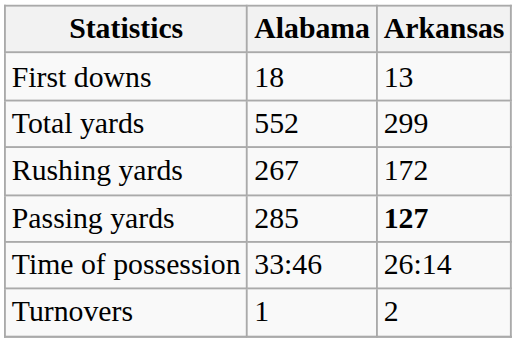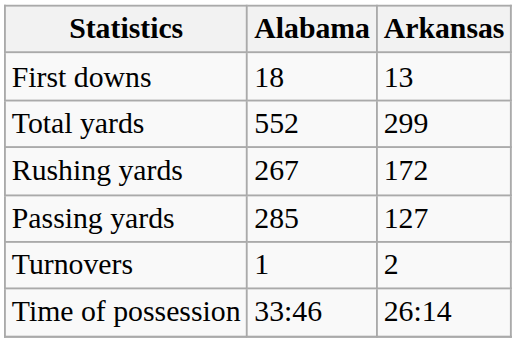 <table class="wikitable" style="float: left;">
 <tr>
 <th>Statistics</th>
 <th>Alabama</th>
 <th>Arkansas</th>
 </tr>
 <tr>
 <td>First downs</td>
 <td>18</td>
 <td>13</td>
 </tr>
 <tr>
 <td>Total yards</td>
 <td>552</td>
 <td>299</td>
 </tr>
 <tr>
 <td>Rushing yards</td>
 <td>267</td>
 <td>172</td>
 </tr>
 <tr>
 <td>Passing yards</td>
 <td>285</td>
-<td><strong>127</strong></td>
+<td>127</td>
+</tr>
+<tr>
+<td>Turnovers</td>
+<td>1</td>
+<td>2</td>
 </tr>
 <tr>
 <td>Time of possession</td>
 <td>33:46</td>
 <td>26:14</td>
 </tr>
 <tr>
-<td>Turnovers</td>
-<td>1</td>
-<td>2</td>
-</tr>
-<tr>
 </tr>
 </table>
